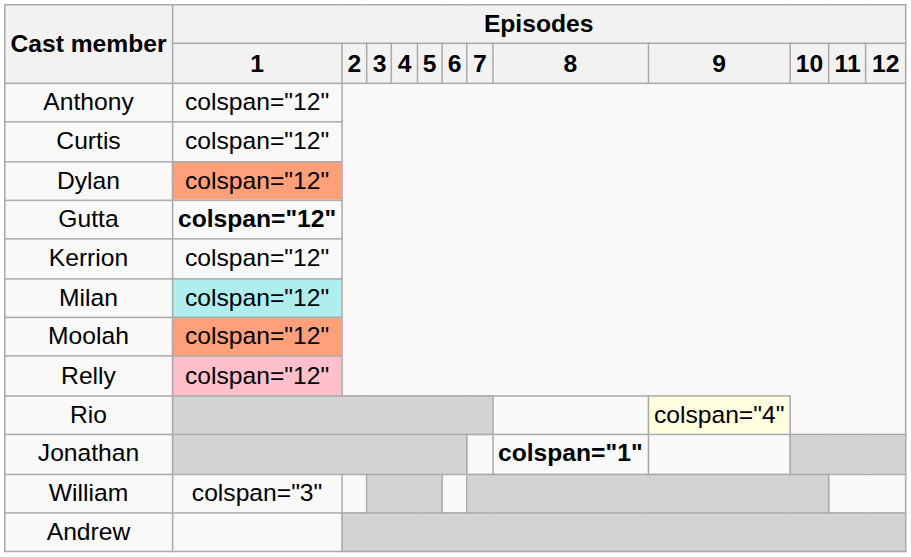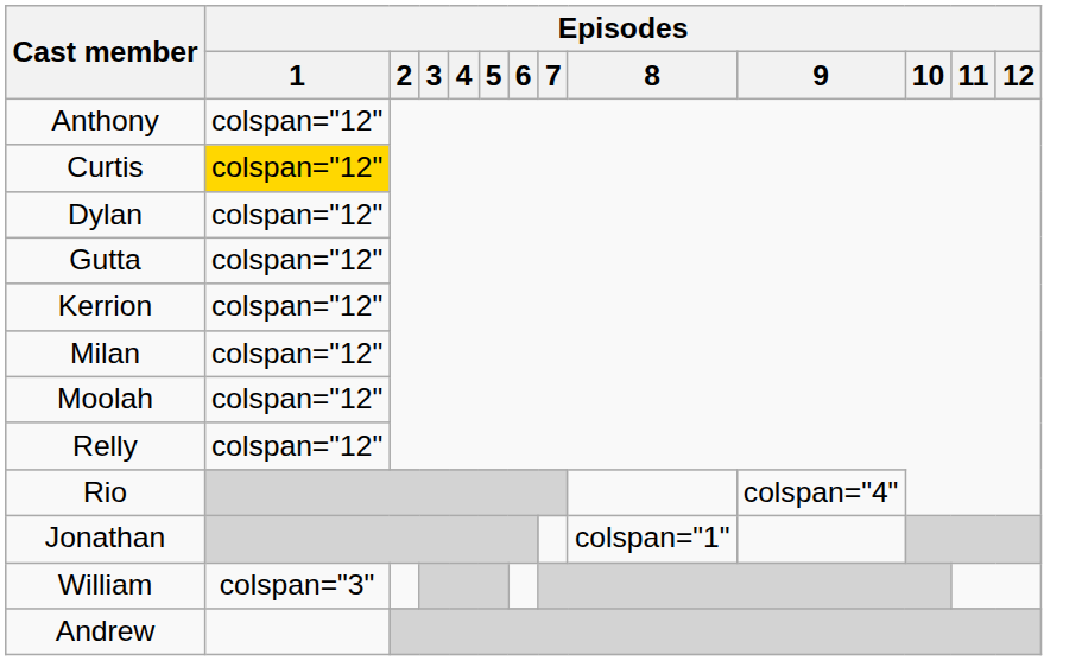 <table class="wikitable plainrowheaders" style="text-align:center;">
 <tr>
 <th scope="col" rowspan="2">Cast member</th>
 <th scope="col" colspan="12">Episodes</th>
 </tr>
 <tr>
 <th scope="col">1</th>
 <th scope="col">2</th>
 <th scope="col">3</th>
 <th scope="col">4</th>
 <th scope="col">5</th>
 <th scope="col">6</th>
 <th scope="col">7</th>
 <th scope="col">8</th>
 <th scope="col">9</th>
 <th scope="col">10</th>
 <th scope="col">11</th>
 <th scope="col">12</th>
 </tr>
 <tr>
 <td scope="row">Anthony</td>
 <td>colspan="12" </td>
 </tr>
 <tr>
 <td scope="row">Curtis</td>
+<td style="background: gold;">colspan="12" </td>
+</tr>
+<tr>
+<td scope="row">Dylan</td>
 <td>colspan="12" </td>
 </tr>
 <tr>
-<td scope="row">Dylan</td>
-<td style="background: lightsalmon;">colspan="12" </td>
-</tr>
-<tr>
 <td scope="row">Gutta</td>
-<td><strong>colspan="12" </strong></td>
+<td>colspan="12" </td>
 </tr>
 <tr>
 <td scope="row">Kerrion</td>
 <td>colspan="12" </td>
 </tr>
 <tr>
 <td scope="row">Milan</td>
-<td style="background: paleturquoise;">colspan="12" </td>
+<td>colspan="12" </td>
 </tr>
 <tr>
 <td scope="row">Moolah</td>
-<td style="background: lightsalmon;">colspan="12" </td>
+<td>colspan="12" </td>
 </tr>
 <tr>
 <td scope="row">Relly</td>
-<td style="background: pink;">colspan="12" </td>
+<td>colspan="12" </td>
 </tr>
 <tr>
 <td scope="row">Rio</td>
 <td colspan="7" style="background:lightgray;"></td>
 <td></td>
-<td style="background: lightyellow;">colspan="4" </td>
+<td>colspan="4" </td>
 </tr>
 <tr>
 <td scope="row">Jonathan</td>
 <td colspan="6" style="background:lightgray;"></td>
 <td></td>
-<td><strong>colspan="1" </strong></td>
+<td>colspan="1" </td>
 <td></td>
 <td colspan="3" style="background:lightgray;"></td>
 </tr>
 <tr>
 <td scope="row">William</td>
 <td>colspan="3" </td>
 <td></td>
 <td colspan="3" style="background:lightgray;"></td>
 <td></td>
 <td colspan="4" style="background:lightgray;"></td>
 </tr>
 <tr>
 <td scope="row">Andrew</td>
 <td></td>
 <td colspan="11" style="background:lightgray;"></td>
 </tr>
 </table>
